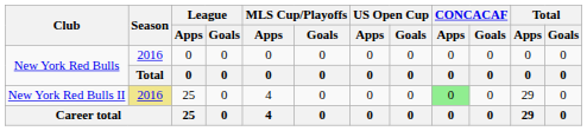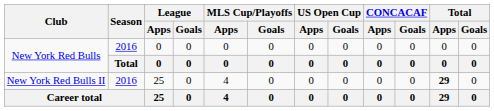 <table class="wikitable" style="text-align: center;">
 <tr>
 <th rowspan="2">Club</th>
 <th rowspan="2">Season</th>
 <th colspan="2">League</th>
 <th colspan="2">MLS Cup/Playoffs</th>
 <th colspan="2">US Open Cup</th>
 <th colspan="2"><a href='#'>CONCACAF</a></th>
 <th colspan="2">Total</th>
 </tr>
 <tr>
 <th>Apps</th>
 <th>Goals</th>
 <th>Apps</th>
 <th>Goals</th>
 <th>Apps</th>
 <th>Goals</th>
 <th>Apps</th>
 <th>Goals</th>
 <th>Apps</th>
 <th>Goals</th>
 </tr>
 <tr>
 <td rowspan="2"><a href='#'>New York Red Bulls</a></td>
 <td><a href='#'>2016</a></td>
 <td>0</td>
 <td>0</td>
 <td>0</td>
 <td>0</td>
 <td>0</td>
 <td>0</td>
 <td>0</td>
 <td>0</td>
 <td>0</td>
 <td>0</td>
 </tr>
 <tr>
 <th>Total</th>
 <th>0</th>
 <th>0</th>
 <th>0</th>
 <th>0</th>
 <th>0</th>
 <th>0</th>
 <th>0</th>
 <th>0</th>
 <th>0</th>
 <th>0</th>
 </tr>
 <tr>
 <td rowspan="1"><a href='#'>New York Red Bulls II</a></td>
-<td style="background: khaki;"><a href='#'>2016</a></td>
+<td><a href='#'>2016</a></td>
 <td>25</td>
 <td>0</td>
 <td>4</td>
 <td>0</td>
 <td>0</td>
 <td>0</td>
-<td style="background: lightgreen;">0</td>
 <td>0</td>
-<td>29</td>
+<td>0</td>
+<td><strong>29</strong></td>
 <td>0</td>
 </tr>
 <tr>
 <th colspan="2">Career total</th>
 <th>25</th>
 <th>0</th>
 <th>4</th>
 <th>0</th>
 <th>0</th>
 <th>0</th>
 <th>0</th>
 <th>0</th>
 <th>29</th>
 <th>0</th>
 </tr>
 </table>
